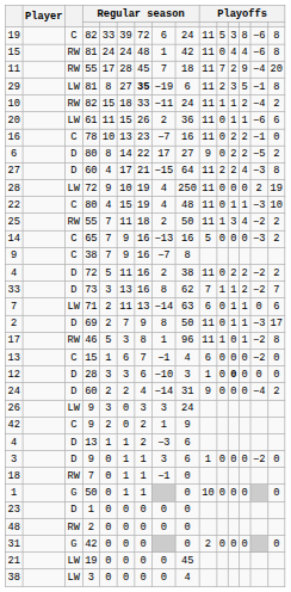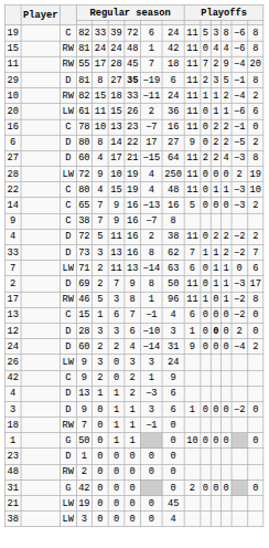 <table class="wikitable sortable plainrowheaders" style="text-align:center;">
 <tr>
 <th scope="col" data-sort-type="number" rowspan="2"></th>
 <th scope="col" rowspan="2">Player</th>
 <th scope="col" rowspan="2"></th>
 <th scope=colgroup colspan=6>Regular season</th>
 <th scope=colgroup colspan=6>Playoffs</th>
 </tr>
 <tr>
 <th scope="col" data-sort-type="number"></th>
 <th scope="col" data-sort-type="number"></th>
 <th scope="col" data-sort-type="number"></th>
 <th scope="col" data-sort-type="number"></th>
 <th scope="col" data-sort-type="number"></th>
 <th scope="col" data-sort-type="number"></th>
 <th scope="col" data-sort-type="number"></th>
 <th scope="col" data-sort-type="number"></th>
 <th scope="col" data-sort-type="number"></th>
 <th scope="col" data-sort-type="number"></th>
 <th scope="col" data-sort-type="number"></th>
 <th scope="col" data-sort-type="number"></th>
 </tr>
 <tr>
 <td scope="row">19</td>
 <td align="left"></td>
 <td>C</td>
 <td>82</td>
 <td>33</td>
 <td>39</td>
 <td>72</td>
 <td>6</td>
 <td>24</td>
 <td>11</td>
 <td>5</td>
 <td>3</td>
 <td>8</td>
 <td>−6</td>
 <td>8</td>
 </tr>
 <tr>
 <td scope="row">15</td>
 <td align="left"></td>
 <td>RW</td>
 <td>81</td>
 <td>24</td>
 <td>24</td>
 <td>48</td>
 <td>1</td>
 <td>42</td>
 <td>11</td>
 <td>0</td>
 <td>4</td>
 <td>4</td>
 <td>−6</td>
 <td>8</td>
 </tr>
 <tr>
 <td scope="row">11</td>
 <td align="left"></td>
 <td>RW</td>
 <td>55</td>
 <td>17</td>
 <td>28</td>
 <td>45</td>
 <td>7</td>
 <td>18</td>
 <td>11</td>
 <td>7</td>
 <td>2</td>
 <td>9</td>
 <td>−4</td>
 <td>20</td>
 </tr>
 <tr>
 <td scope="row">29</td>
 <td align="left"></td>
-<td>LW</td>
+<td>D</td>
 <td>81</td>
 <td>8</td>
 <td>27</td>
 <td><strong>35</strong></td>
 <td>−19</td>
 <td>6</td>
 <td>11</td>
 <td>2</td>
 <td>3</td>
 <td>5</td>
 <td>−1</td>
 <td>8</td>
 </tr>
 <tr>
 <td scope="row">10</td>
 <td align="left"></td>
 <td>RW</td>
 <td>82</td>
 <td>15</td>
 <td>18</td>
 <td>33</td>
 <td>−11</td>
 <td>24</td>
 <td>11</td>
 <td>1</td>
 <td>1</td>
 <td>2</td>
 <td>−4</td>
 <td>2</td>
 </tr>
 <tr>
 <td scope="row">20</td>
 <td align="left"></td>
 <td>LW</td>
 <td>61</td>
 <td>11</td>
 <td>15</td>
 <td>26</td>
 <td>2</td>
 <td>36</td>
 <td>11</td>
 <td>0</td>
 <td>1</td>
 <td>1</td>
 <td>−6</td>
 <td>6</td>
 </tr>
 <tr>
 <td scope="row">16</td>
 <td align="left"></td>
 <td>C</td>
 <td>78</td>
 <td>10</td>
 <td>13</td>
 <td>23</td>
 <td>−7</td>
 <td>16</td>
 <td>11</td>
 <td>0</td>
 <td>2</td>
 <td>2</td>
 <td>−1</td>
 <td>0</td>
 </tr>
 <tr>
 <td scope="row">6</td>
 <td align="left"></td>
 <td>D</td>
 <td>80</td>
 <td>8</td>
 <td>14</td>
 <td>22</td>
 <td>17</td>
 <td>27</td>
 <td>9</td>
 <td>0</td>
 <td>2</td>
 <td>2</td>
 <td>−5</td>
 <td>2</td>
 </tr>
 <tr>
 <td scope="row">27</td>
 <td align="left"></td>
 <td>D</td>
 <td>60</td>
 <td>4</td>
 <td>17</td>
 <td>21</td>
 <td>−15</td>
 <td>64</td>
 <td>11</td>
 <td>2</td>
 <td>2</td>
 <td>4</td>
 <td>−3</td>
 <td>8</td>
 </tr>
 <tr>
 <td scope="row">28</td>
 <td align="left"></td>
 <td>LW</td>
 <td>72</td>
 <td>9</td>
 <td>10</td>
 <td>19</td>
 <td>4</td>
 <td>250</td>
 <td>11</td>
 <td>0</td>
 <td>0</td>
 <td>0</td>
 <td>2</td>
 <td>19</td>
 </tr>
 <tr>
 <td scope="row">22</td>
 <td align="left"></td>
 <td>C</td>
 <td>80</td>
 <td>4</td>
 <td>15</td>
 <td>19</td>
 <td>4</td>
 <td>48</td>
 <td>11</td>
 <td>0</td>
 <td>1</td>
 <td>1</td>
 <td>−3</td>
 <td>10</td>
-</tr>
-<tr>
-<td scope="row">25</td>
-<td align="left"></td>
-<td>RW</td>
-<td>55</td>
-<td>7</td>
-<td>11</td>
-<td>18</td>
-<td>2</td>
-<td>50</td>
-<td>11</td>
-<td>1</td>
-<td>3</td>
-<td>4</td>
-<td>−2</td>
-<td>2</td>
 </tr>
 <tr>
 <td scope="row">14</td>
 <td align="left"></td>
 <td>C</td>
 <td>65</td>
 <td>7</td>
 <td>9</td>
 <td>16</td>
 <td>−13</td>
 <td>16</td>
 <td>5</td>
 <td>0</td>
 <td>0</td>
 <td>0</td>
 <td>−3</td>
 <td>2</td>
 </tr>
 <tr>
 <td scope="row">9</td>
 <td align="left"></td>
 <td>C</td>
 <td>38</td>
 <td>7</td>
 <td>9</td>
 <td>16</td>
 <td>−7</td>
 <td>8</td>
 <td></td>
 <td></td>
 <td></td>
 <td></td>
 <td></td>
 <td></td>
 </tr>
 <tr>
 <td scope="row">4</td>
 <td align="left"></td>
 <td>D</td>
 <td>72</td>
 <td>5</td>
 <td>11</td>
 <td>16</td>
 <td>2</td>
 <td>38</td>
 <td>11</td>
 <td>0</td>
 <td>2</td>
 <td>2</td>
 <td>−2</td>
 <td>2</td>
 </tr>
 <tr>
 <td scope="row">33</td>
 <td align="left"></td>
 <td>D</td>
 <td>73</td>
 <td>3</td>
 <td>13</td>
 <td>16</td>
 <td>8</td>
 <td>62</td>
 <td>7</td>
 <td>1</td>
 <td>1</td>
 <td>2</td>
 <td>−2</td>
 <td>7</td>
 </tr>
 <tr>
 <td scope="row">7</td>
 <td align="left"></td>
 <td>LW</td>
 <td>71</td>
 <td>2</td>
 <td>11</td>
 <td>13</td>
 <td>−14</td>
 <td>63</td>
 <td>6</td>
 <td>0</td>
 <td>1</td>
 <td>1</td>
 <td>0</td>
 <td>6</td>
 </tr>
 <tr>
 <td scope="row">2</td>
 <td align="left"></td>
 <td>D</td>
 <td>69</td>
 <td>2</td>
 <td>7</td>
 <td>9</td>
 <td>8</td>
 <td>50</td>
 <td>11</td>
 <td>0</td>
 <td>1</td>
 <td>1</td>
 <td>−3</td>
 <td>17</td>
 </tr>
 <tr>
 <td scope="row">17</td>
 <td align="left"></td>
 <td>RW</td>
 <td>46</td>
 <td>5</td>
 <td>3</td>
 <td>8</td>
 <td>1</td>
 <td>96</td>
 <td>11</td>
 <td>1</td>
 <td>0</td>
 <td>1</td>
 <td>−2</td>
 <td>8</td>
 </tr>
 <tr>
 <td scope="row">13</td>
 <td align="left"></td>
 <td>C</td>
 <td>15</td>
 <td>1</td>
 <td>6</td>
 <td>7</td>
 <td>−1</td>
 <td>4</td>
 <td>6</td>
 <td>0</td>
 <td>0</td>
 <td>0</td>
 <td>−2</td>
 <td>0</td>
 </tr>
 <tr>
 <td scope="row">12</td>
 <td align="left"></td>
 <td>D</td>
 <td>28</td>
 <td>3</td>
 <td>3</td>
 <td>6</td>
 <td>−10</td>
 <td>3</td>
 <td>1</td>
 <td>0</td>
 <td><strong>0</strong></td>
 <td>0</td>
-<td>0</td>
+<td>2</td>
 <td>0</td>
 </tr>
 <tr>
 <td scope="row">24</td>
 <td align="left"></td>
 <td>D</td>
 <td>60</td>
 <td>2</td>
 <td>2</td>
 <td>4</td>
 <td>−14</td>
 <td>31</td>
 <td>9</td>
 <td>0</td>
 <td>0</td>
 <td>0</td>
 <td>−4</td>
 <td>2</td>
 </tr>
 <tr>
 <td scope="row">26</td>
 <td align="left"></td>
 <td>LW</td>
 <td>9</td>
 <td>3</td>
 <td>0</td>
 <td>3</td>
 <td>3</td>
 <td>24</td>
 <td></td>
 <td></td>
 <td></td>
 <td></td>
 <td></td>
 <td></td>
 </tr>
 <tr>
 <td scope="row">42</td>
 <td align="left"></td>
 <td>C</td>
 <td>9</td>
 <td>2</td>
 <td>0</td>
 <td>2</td>
 <td>1</td>
 <td>9</td>
 <td></td>
 <td></td>
 <td></td>
 <td></td>
 <td></td>
 <td></td>
 </tr>
 <tr>
 <td scope="row">4</td>
 <td align="left"></td>
 <td>D</td>
 <td>13</td>
 <td>1</td>
 <td>1</td>
 <td>2</td>
 <td>−3</td>
 <td>6</td>
 <td></td>
 <td></td>
 <td></td>
 <td></td>
 <td></td>
 <td></td>
 </tr>
 <tr>
 <td scope="row">3</td>
 <td align="left"></td>
 <td>D</td>
 <td>9</td>
 <td>0</td>
 <td>1</td>
 <td>1</td>
 <td>3</td>
 <td>6</td>
 <td>1</td>
 <td>0</td>
 <td>0</td>
 <td>0</td>
 <td>−2</td>
 <td>0</td>
 </tr>
 <tr>
 <td scope="row">18</td>
 <td align="left"></td>
 <td>RW</td>
 <td>7</td>
 <td>0</td>
 <td>1</td>
 <td>1</td>
 <td>−1</td>
 <td>0</td>
 <td></td>
 <td></td>
 <td></td>
 <td></td>
 <td></td>
 <td></td>
 </tr>
 <tr>
 <td scope="row">1</td>
 <td align="left"></td>
 <td>G</td>
 <td>50</td>
 <td>0</td>
 <td>1</td>
 <td>1</td>
 <td style="background:#ccc"></td>
 <td>0</td>
 <td>10</td>
 <td>0</td>
 <td>0</td>
 <td>0</td>
 <td style="background:#ccc"></td>
 <td>0</td>
 </tr>
 <tr>
 <td scope="row">23</td>
 <td align="left"></td>
 <td>D</td>
 <td>1</td>
 <td>0</td>
 <td>0</td>
 <td>0</td>
 <td>0</td>
 <td>0</td>
 <td></td>
 <td></td>
 <td></td>
 <td></td>
 <td></td>
 <td></td>
 </tr>
 <tr>
 <td scope="row">48</td>
 <td align="left"></td>
 <td>RW</td>
 <td>2</td>
 <td>0</td>
 <td>0</td>
 <td>0</td>
 <td>0</td>
 <td>0</td>
 <td></td>
 <td></td>
 <td></td>
 <td></td>
 <td></td>
 <td></td>
 </tr>
 <tr>
 <td scope="row">31</td>
 <td align="left"></td>
 <td>G</td>
 <td>42</td>
 <td>0</td>
 <td>0</td>
 <td>0</td>
 <td style="background:#ccc"></td>
 <td>0</td>
 <td>2</td>
 <td>0</td>
 <td>0</td>
 <td>0</td>
 <td style="background:#ccc"></td>
 <td>0</td>
 </tr>
 <tr>
 <td scope="row">21</td>
 <td align="left"></td>
 <td>LW</td>
 <td>19</td>
 <td>0</td>
 <td>0</td>
 <td>0</td>
 <td>0</td>
 <td>45</td>
 <td></td>
 <td></td>
 <td></td>
 <td></td>
 <td></td>
 <td></td>
 </tr>
 <tr>
 <td scope="row">38</td>
 <td align="left"></td>
 <td>LW</td>
 <td>3</td>
 <td>0</td>
 <td>0</td>
 <td>0</td>
 <td>0</td>
 <td>4</td>
 <td></td>
 <td></td>
 <td></td>
 <td></td>
 <td></td>
 <td></td>
 </tr>
 </table>
